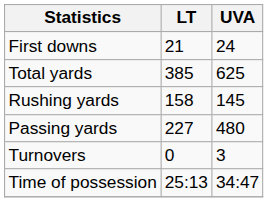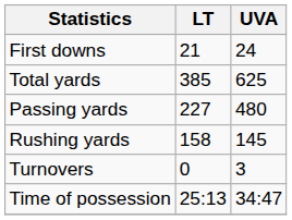 <table class="wikitable">
 <tr>
 <th>Statistics</th>
 <th>LT</th>
 <th>UVA</th>
 </tr>
 <tr>
 <td>First downs</td>
 <td>21</td>
 <td>24</td>
 </tr>
 <tr>
 <td>Total yards</td>
 <td>385</td>
 <td>625</td>
 </tr>
 <tr>
+<td>Passing yards</td>
+<td>227</td>
+<td>480</td>
+</tr>
+<tr>
 <td>Rushing yards</td>
 <td>158</td>
 <td>145</td>
-</tr>
-<tr>
-<td>Passing yards</td>
-<td>227</td>
-<td>480</td>
 </tr>
 <tr>
 <td>Turnovers</td>
 <td>0</td>
 <td>3</td>
 </tr>
 <tr>
 <td>Time of possession</td>
 <td>25:13</td>
 <td>34:47</td>
 </tr>
 <tr>
 </tr>
 </table>
